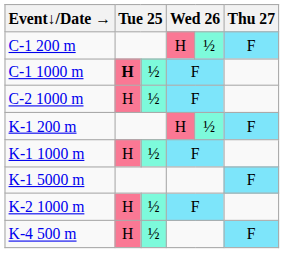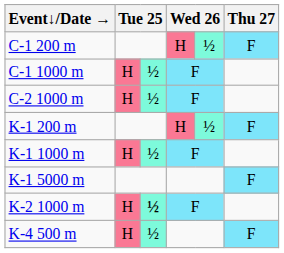 <table class="wikitable" style="margin:0.5em auto; font-size:90%; line-height:1.25em;text-align:center;">
 <tr>
 <th>Event↓/Date →</th>
 <th colspan="2">Tue 25</th>
 <th colspan="2">Wed 26</th>
 <th>Thu 27</th>
 </tr>
 <tr>
 <td style="text-align:left;"><a href='#'>C-1 200 m</a></td>
 <td colspan="2"></td>
 <td style="background-color:#FA7894;">H</td>
 <td style="background-color:#7DFADB;">½</td>
 <td style="background-color:#7DE5FA;">F</td>
 </tr>
 <tr>
 <td style="text-align:left;"><a href='#'>C-1 1000 m</a></td>
-<td style="background-color:#FA7894;"><strong>H</strong></td>
+<td style="background-color:#FA7894;">H</td>
 <td style="background-color:#7DFADB;">½</td>
 <td colspan="2" style="background-color:#7DE5FA;">F</td>
 <td></td>
 </tr>
 <tr>
 <td style="text-align:left;"><a href='#'>C-2 1000 m</a></td>
 <td style="background-color:#FA7894;">H</td>
 <td style="background-color:#7DFADB;">½</td>
 <td colspan="2" style="background-color:#7DE5FA;">F</td>
 <td></td>
 </tr>
 <tr>
 <td style="text-align:left;"><a href='#'>K-1 200 m</a></td>
 <td colspan="2"></td>
 <td style="background-color:#FA7894;">H</td>
 <td style="background-color:#7DFADB;">½</td>
 <td style="background-color:#7DE5FA;">F</td>
 </tr>
 <tr>
 <td style="text-align:left;"><a href='#'>K-1 1000 m</a></td>
 <td style="background-color:#FA7894;">H</td>
 <td style="background-color:#7DFADB;">½</td>
 <td colspan="2" style="background-color:#7DE5FA;">F</td>
 <td></td>
 </tr>
 <tr>
 <td style="text-align:left;"><a href='#'>K-1 5000 m</a></td>
 <td colspan="2"></td>
 <td colspan="2"></td>
 <td style="background-color:#7DE5FA;">F</td>
 </tr>
 <tr>
 <td style="text-align:left;"><a href='#'>K-2 1000 m</a></td>
 <td style="background-color:#FA7894;">H</td>
-<td style="background-color:#7DFADB;">½</td>
+<td style="background-color:#7DFADB;"><strong>½</strong></td>
 <td colspan="2" style="background-color:#7DE5FA;">F</td>
 <td></td>
 </tr>
 <tr>
 <td style="text-align:left;"><a href='#'>K-4 500 m</a></td>
 <td style="background-color:#FA7894;">H</td>
 <td style="background-color:#7DFADB;">½</td>
 <td colspan="2"></td>
 <td style="background-color:#7DE5FA;">F</td>
 </tr>
 </table>
